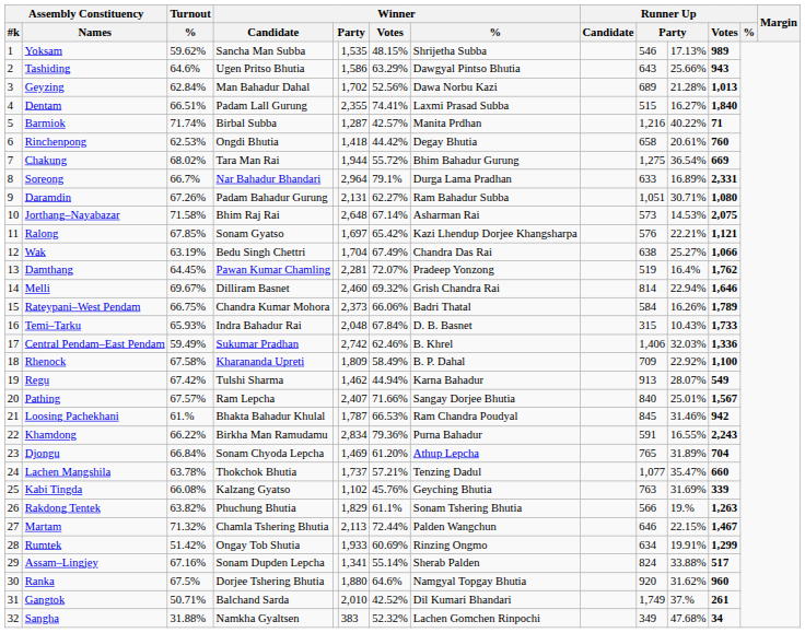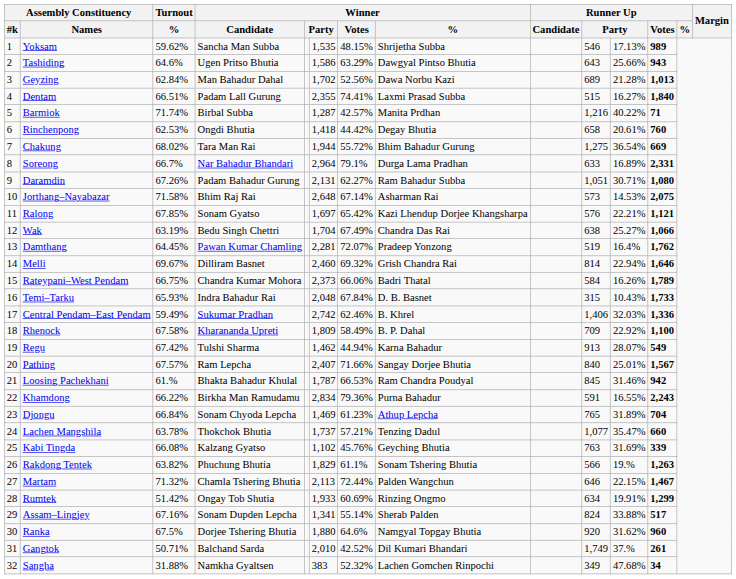 <table class="wikitable sortable">
 <tr>
 <th colspan="2">Assembly Constituency</th>
 <th>Turnout</th>
 <th colspan="5">Winner</th>
 <th colspan="5">Runner Up</th>
 <th rowspan="2" data-sort-type=number>Margin</th>
 </tr>
 <tr>
 <th>#k</th>
 <th>Names</th>
 <th>%</th>
 <th>Candidate</th>
 <th colspan="2">Party</th>
 <th data-sort-type=number>Votes</th>
 <th>%</th>
 <th>Candidate</th>
 <th colspan="2">Party</th>
 <th data-sort-type=number>Votes</th>
 <th>%</th>
 </tr>
 <tr>
 <td>1</td>
 <td><a href='#'>Yoksam</a></td>
 <td>59.62%</td>
 <td>Sancha Man Subba</td>
 <td></td>
 <td>1,535</td>
 <td>48.15%</td>
 <td>Shrijetha Subba</td>
 <td></td>
 <td>546</td>
 <td>17.13%</td>
 <td style="background:"><span><strong>989</strong></span></td>
 </tr>
 <tr>
 <td>2</td>
 <td><a href='#'>Tashiding</a></td>
 <td>64.6%</td>
 <td>Ugen Pritso Bhutia</td>
 <td></td>
 <td>1,586</td>
 <td>63.29%</td>
 <td>Dawgyal Pintso Bhutia</td>
 <td></td>
 <td>643</td>
 <td>25.66%</td>
 <td style="background:"><span><strong>943</strong></span></td>
 </tr>
 <tr>
 <td>3</td>
 <td><a href='#'>Geyzing</a></td>
 <td>62.84%</td>
 <td>Man Bahadur Dahal</td>
 <td></td>
 <td>1,702</td>
 <td>52.56%</td>
 <td>Dawa Norbu Kazi</td>
 <td></td>
 <td>689</td>
 <td>21.28%</td>
 <td style="background:"><span><strong>1,013</strong></span></td>
 </tr>
 <tr>
 <td>4</td>
 <td><a href='#'>Dentam</a></td>
 <td>66.51%</td>
 <td>Padam Lall Gurung</td>
 <td></td>
 <td>2,355</td>
 <td>74.41%</td>
 <td>Laxmi Prasad Subba</td>
 <td></td>
 <td>515</td>
 <td>16.27%</td>
 <td style="background:"><span><strong>1,840</strong></span></td>
 </tr>
 <tr>
 <td>5</td>
 <td><a href='#'>Barmiok</a></td>
 <td>71.74%</td>
 <td>Birbal Subba</td>
 <td></td>
 <td>1,287</td>
 <td>42.57%</td>
 <td>Manita Prdhan</td>
 <td></td>
 <td>1,216</td>
 <td>40.22%</td>
 <td style="background:"><span><strong>71</strong></span></td>
 </tr>
 <tr>
 <td>6</td>
 <td><a href='#'>Rinchenpong</a></td>
 <td>62.53%</td>
 <td>Ongdi Bhutia</td>
 <td></td>
 <td>1,418</td>
 <td>44.42%</td>
 <td>Degay Bhutia</td>
 <td></td>
 <td>658</td>
 <td>20.61%</td>
 <td style="background:"><span><strong>760</strong></span></td>
 </tr>
 <tr>
 <td>7</td>
 <td><a href='#'>Chakung</a></td>
 <td>68.02%</td>
 <td>Tara Man Rai</td>
 <td></td>
 <td>1,944</td>
 <td>55.72%</td>
 <td>Bhim Bahadur Gurung</td>
 <td></td>
 <td>1,275</td>
 <td>36.54%</td>
 <td style="background:"><span><strong>669</strong></span></td>
 </tr>
 <tr>
 <td>8</td>
 <td><a href='#'>Soreong</a></td>
 <td>66.7%</td>
 <td><a href='#'>Nar Bahadur Bhandari</a></td>
 <td></td>
 <td>2,964</td>
 <td>79.1%</td>
 <td>Durga Lama Pradhan</td>
 <td></td>
 <td>633</td>
 <td>16.89%</td>
 <td style="background:"><span><strong>2,331</strong></span></td>
 </tr>
 <tr>
 <td>9</td>
 <td><a href='#'>Daramdin</a></td>
 <td>67.26%</td>
 <td>Padam Bahadur Gurung</td>
 <td></td>
 <td>2,131</td>
 <td>62.27%</td>
 <td>Ram Bahadur Subba</td>
 <td></td>
 <td>1,051</td>
 <td>30.71%</td>
 <td style="background:"><span><strong>1,080</strong></span></td>
 </tr>
 <tr>
 <td>10</td>
 <td><a href='#'>Jorthang–Nayabazar</a></td>
 <td>71.58%</td>
 <td>Bhim Raj Rai</td>
 <td></td>
 <td>2,648</td>
 <td>67.14%</td>
 <td>Asharman Rai</td>
 <td></td>
 <td>573</td>
 <td>14.53%</td>
 <td style="background:"><span><strong>2,075</strong></span></td>
 </tr>
 <tr>
 <td>11</td>
 <td><a href='#'>Ralong</a></td>
 <td>67.85%</td>
 <td>Sonam Gyatso</td>
 <td></td>
 <td>1,697</td>
 <td>65.42%</td>
 <td>Kazi Lhendup Dorjee Khangsharpa</td>
 <td></td>
 <td>576</td>
 <td>22.21%</td>
 <td style="background:"><span><strong>1,121</strong></span></td>
 </tr>
 <tr>
 <td>12</td>
 <td><a href='#'>Wak</a></td>
 <td>63.19%</td>
 <td>Bedu Singh Chettri</td>
 <td></td>
 <td>1,704</td>
 <td>67.49%</td>
 <td>Chandra Das Rai</td>
 <td></td>
 <td>638</td>
 <td>25.27%</td>
 <td style="background:"><span><strong>1,066</strong></span></td>
 </tr>
 <tr>
 <td>13</td>
 <td><a href='#'>Damthang</a></td>
 <td>64.45%</td>
 <td><a href='#'>Pawan Kumar Chamling</a></td>
 <td></td>
 <td>2,281</td>
 <td>72.07%</td>
 <td>Pradeep Yonzong</td>
 <td></td>
 <td>519</td>
 <td>16.4%</td>
 <td style="background:"><span><strong>1,762</strong></span></td>
 </tr>
 <tr>
 <td>14</td>
 <td><a href='#'>Melli</a></td>
 <td>69.67%</td>
 <td>Dilliram Basnet</td>
 <td></td>
 <td>2,460</td>
 <td>69.32%</td>
 <td>Grish Chandra Rai</td>
 <td></td>
 <td>814</td>
 <td>22.94%</td>
 <td style="background:"><span><strong>1,646</strong></span></td>
 </tr>
 <tr>
 <td>15</td>
 <td><a href='#'>Rateypani–West Pendam</a></td>
 <td>66.75%</td>
 <td>Chandra Kumar Mohora</td>
 <td></td>
 <td>2,373</td>
 <td>66.06%</td>
 <td>Badri Thatal</td>
 <td></td>
 <td>584</td>
 <td>16.26%</td>
 <td style="background:"><span><strong>1,789</strong></span></td>
 </tr>
 <tr>
 <td>16</td>
 <td><a href='#'>Temi–Tarku</a></td>
 <td>65.93%</td>
 <td>Indra Bahadur Rai</td>
 <td></td>
 <td>2,048</td>
 <td>67.84%</td>
 <td>D. B. Basnet</td>
 <td></td>
 <td>315</td>
 <td>10.43%</td>
 <td style="background:"><span><strong>1,733</strong></span></td>
 </tr>
 <tr>
 <td>17</td>
 <td><a href='#'>Central Pendam–East Pendam</a></td>
 <td>59.49%</td>
 <td><a href='#'>Sukumar Pradhan</a></td>
 <td></td>
 <td>2,742</td>
 <td>62.46%</td>
 <td>B. Khrel</td>
 <td></td>
 <td>1,406</td>
 <td>32.03%</td>
 <td style="background:"><span><strong>1,336</strong></span></td>
 </tr>
 <tr>
 <td>18</td>
 <td><a href='#'>Rhenock</a></td>
 <td>67.58%</td>
 <td><a href='#'>Kharananda Upreti</a></td>
 <td></td>
 <td>1,809</td>
 <td>58.49%</td>
 <td>B. P. Dahal</td>
 <td></td>
 <td>709</td>
 <td>22.92%</td>
 <td style="background:"><span><strong>1,100</strong></span></td>
 </tr>
 <tr>
 <td>19</td>
 <td><a href='#'>Regu</a></td>
 <td>67.42%</td>
 <td>Tulshi Sharma</td>
 <td></td>
 <td>1,462</td>
 <td>44.94%</td>
 <td>Karna Bahadur</td>
 <td></td>
 <td>913</td>
 <td>28.07%</td>
 <td style="background:"><span><strong>549</strong></span></td>
 </tr>
 <tr>
 <td>20</td>
 <td><a href='#'>Pathing</a></td>
 <td>67.57%</td>
 <td>Ram Lepcha</td>
 <td></td>
 <td>2,407</td>
 <td>71.66%</td>
 <td>Sangay Dorjee Bhutia</td>
 <td></td>
 <td>840</td>
 <td>25.01%</td>
 <td style="background:"><span><strong>1,567</strong></span></td>
 </tr>
 <tr>
 <td>21</td>
 <td><a href='#'>Loosing Pachekhani</a></td>
 <td>61.%</td>
 <td>Bhakta Bahadur Khulal</td>
 <td></td>
 <td>1,787</td>
 <td>66.53%</td>
 <td>Ram Chandra Poudyal</td>
 <td></td>
 <td>845</td>
 <td>31.46%</td>
 <td style="background:"><span><strong>942</strong></span></td>
 </tr>
 <tr>
 <td>22</td>
 <td><a href='#'>Khamdong</a></td>
 <td>66.22%</td>
 <td>Birkha Man Ramudamu</td>
 <td></td>
 <td>2,834</td>
 <td>79.36%</td>
 <td>Purna Bahadur</td>
 <td></td>
 <td>591</td>
 <td>16.55%</td>
 <td style="background:"><span><strong>2,243</strong></span></td>
 </tr>
 <tr>
 <td>23</td>
 <td><a href='#'>Djongu</a></td>
 <td>66.84%</td>
 <td>Sonam Chyoda Lepcha</td>
 <td></td>
 <td>1,469</td>
-<td>61.20%</td>
+<td>61.23%</td>
 <td><a href='#'>Athup Lepcha</a></td>
 <td></td>
 <td>765</td>
 <td>31.89%</td>
 <td style="background:"><span><strong>704</strong></span></td>
 </tr>
 <tr>
 <td>24</td>
 <td><a href='#'>Lachen Mangshila</a></td>
 <td>63.78%</td>
 <td>Thokchok Bhutia</td>
 <td></td>
 <td>1,737</td>
 <td>57.21%</td>
 <td>Tenzing Dadul</td>
 <td></td>
 <td>1,077</td>
 <td>35.47%</td>
 <td style="background:"><span><strong>660</strong></span></td>
 </tr>
 <tr>
 <td>25</td>
 <td><a href='#'>Kabi Tingda</a></td>
 <td>66.08%</td>
 <td>Kalzang Gyatso</td>
 <td></td>
 <td>1,102</td>
 <td>45.76%</td>
 <td>Geyching Bhutia</td>
 <td></td>
 <td>763</td>
 <td>31.69%</td>
 <td style="background:"><span><strong>339</strong></span></td>
 </tr>
 <tr>
 <td>26</td>
 <td><a href='#'>Rakdong Tentek</a></td>
 <td>63.82%</td>
 <td>Phuchung Bhutia</td>
 <td></td>
 <td>1,829</td>
 <td>61.1%</td>
 <td>Sonam Tshering Bhutia</td>
 <td></td>
 <td>566</td>
 <td>19.%</td>
 <td style="background:"><span><strong>1,263</strong></span></td>
 </tr>
 <tr>
 <td>27</td>
 <td><a href='#'>Martam</a></td>
 <td>71.32%</td>
 <td>Chamla Tshering  Bhutia</td>
 <td></td>
 <td>2,113</td>
 <td>72.44%</td>
 <td>Palden Wangchun</td>
 <td></td>
 <td>646</td>
 <td>22.15%</td>
 <td style="background:"><span><strong>1,467</strong></span></td>
 </tr>
 <tr>
 <td>28</td>
 <td><a href='#'>Rumtek</a></td>
 <td>51.42%</td>
 <td>Ongay Tob Shutia</td>
 <td></td>
 <td>1,933</td>
 <td>60.69%</td>
 <td>Rinzing Ongmo</td>
 <td></td>
 <td>634</td>
 <td>19.91%</td>
 <td style="background:"><span><strong>1,299</strong></span></td>
 </tr>
 <tr>
 <td>29</td>
 <td><a href='#'>Assam–Lingjey</a></td>
 <td>67.16%</td>
 <td>Sonam Dupden Lepcha</td>
 <td></td>
 <td>1,341</td>
 <td>55.14%</td>
 <td>Sherab Palden</td>
 <td></td>
 <td>824</td>
 <td>33.88%</td>
 <td style="background:"><span><strong>517</strong></span></td>
 </tr>
 <tr>
 <td>30</td>
 <td><a href='#'>Ranka</a></td>
 <td>67.5%</td>
 <td>Dorjee Tshering Bhutia</td>
 <td></td>
 <td>1,880</td>
 <td>64.6%</td>
 <td>Namgyal Topgay Bhutia</td>
 <td></td>
 <td>920</td>
 <td>31.62%</td>
 <td style="background:"><span><strong>960</strong></span></td>
 </tr>
 <tr>
 <td>31</td>
 <td><a href='#'>Gangtok</a></td>
 <td>50.71%</td>
 <td>Balchand Sarda</td>
 <td></td>
 <td>2,010</td>
 <td>42.52%</td>
 <td>Dil Kumari Bhandari</td>
 <td></td>
 <td>1,749</td>
 <td>37.%</td>
 <td style="background:"><span><strong>261</strong></span></td>
 </tr>
 <tr>
 <td>32</td>
 <td><a href='#'>Sangha</a></td>
 <td>31.88%</td>
 <td>Namkha Gyaltsen</td>
 <td></td>
 <td>383</td>
 <td>52.32%</td>
 <td>Lachen Gomchen Rinpochi</td>
 <td></td>
 <td>349</td>
 <td>47.68%</td>
 <td style="background:"><span><strong>34</strong></span></td>
 </tr>
 </table>
